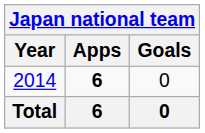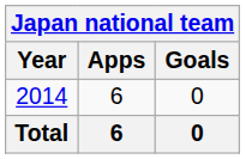 <table class="wikitable" style="text-align:center">
 <tr>
 <th colspan=3><a href='#'>Japan national team</a></th>
 </tr>
 <tr>
 <th>Year</th>
 <th>Apps</th>
 <th>Goals</th>
 </tr>
 <tr>
 <td><a href='#'>2014</a></td>
-<td><strong>6</strong></td>
+<td>6</td>
 <td>0</td>
 </tr>
 <tr>
 <th>Total</th>
 <th>6</th>
 <th>0</th>
 </tr>
 </table>
